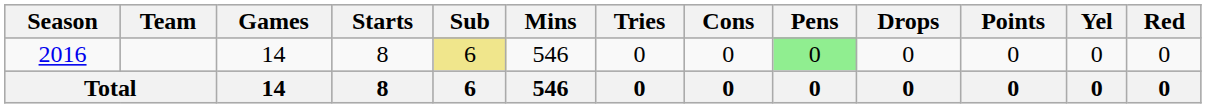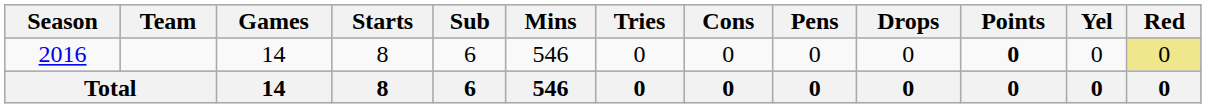 <table class="wikitable" style="text-align:center; line-height:90%; font-size:95%; width:60%;">
 <tr>
 <th>Season</th>
 <th>Team</th>
 <th>Games</th>
 <th>Starts</th>
 <th>Sub</th>
 <th>Mins</th>
 <th>Tries</th>
 <th>Cons</th>
 <th>Pens</th>
 <th>Drops</th>
 <th>Points</th>
 <th>Yel</th>
 <th>Red</th>
 </tr>
 <tr>
 <td><a href='#'>2016</a></td>
 <td></td>
 <td>14</td>
 <td>8</td>
-<td style="background: khaki;">6</td>
+<td>6</td>
 <td>546</td>
-<td>0</td>
-<td>0</td>
-<td style="background: lightgreen;">0</td>
 <td>0</td>
 <td>0</td>
 <td>0</td>
 <td>0</td>
+<td><strong>0</strong></td>
+<td>0</td>
+<td style="background: khaki;">0</td>
 </tr>
 <tr>
 <th colspan="2">Total</th>
 <th>14</th>
 <th>8</th>
 <th>6</th>
 <th>546</th>
 <th>0</th>
 <th>0</th>
 <th>0</th>
 <th>0</th>
 <th>0</th>
 <th>0</th>
 <th>0</th>
 </tr>
 </table>
